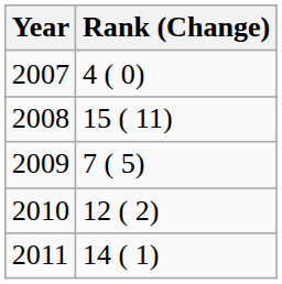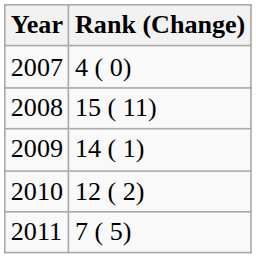 <table class=wikitable>
 <tr>
 <th>Year</th>
 <th>Rank (Change)</th>
 </tr>
 <tr>
 <td>2007</td>
 <td>4 ( 0)</td>
 </tr>
 <tr>
 <td>2008</td>
 <td>15 ( 11)</td>
 </tr>
 <tr>
 <td>2009</td>
-<td>7 ( 5)</td>
+<td>14 ( 1)</td>
 </tr>
 <tr>
 <td>2010</td>
 <td>12 ( 2)</td>
 </tr>
 <tr>
 <td>2011</td>
-<td>14 ( 1)</td>
+<td>7 ( 5)</td>
 </tr>
 </table>
